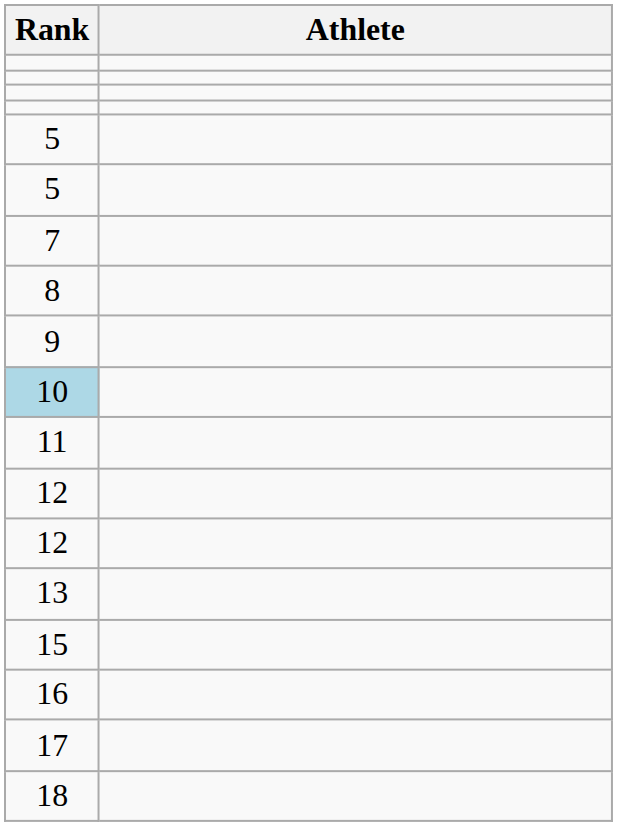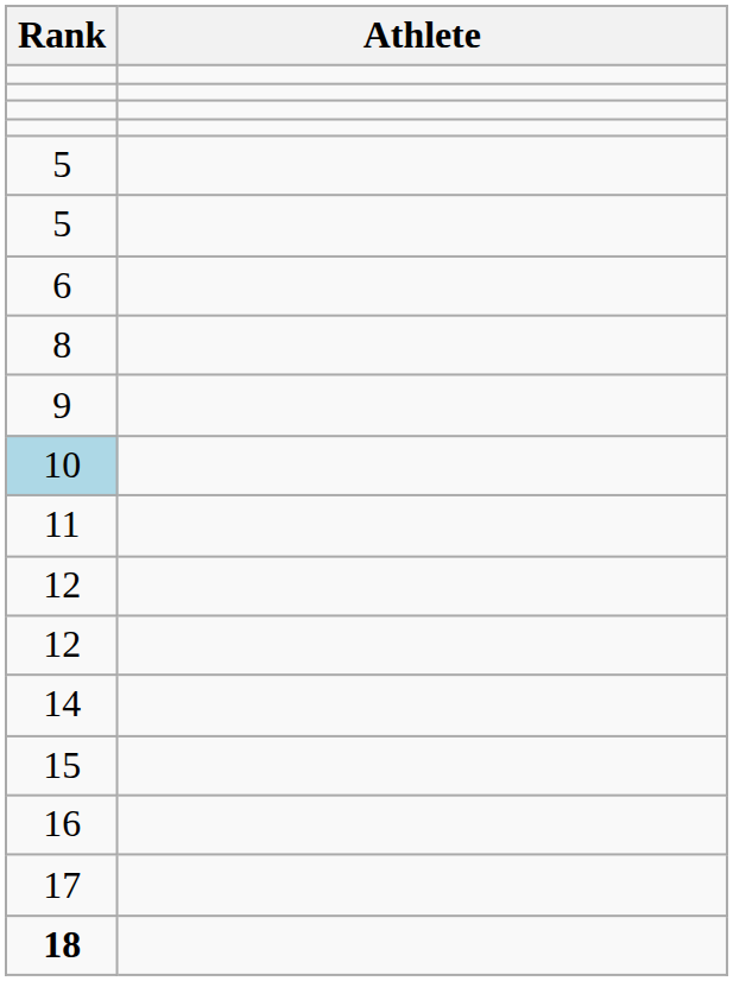 <table class="wikitable" style="text-align: center;">
 <tr>
 <th width=40>Rank</th>
 <th width=250>Athlete</th>
 </tr>
 <tr>
 <td></td>
 <td align="left"></td>
 </tr>
 <tr>
 <td></td>
 <td align="left"></td>
 </tr>
 <tr>
 <td></td>
 <td align="left"></td>
 </tr>
 <tr>
 <td></td>
 <td align="left"></td>
 </tr>
 <tr>
 <td>5</td>
 <td align="left"></td>
 </tr>
 <tr>
 <td>5</td>
 <td align="left"></td>
 </tr>
 <tr>
-<td>7</td>
+<td>6</td>
 <td align="left"></td>
 </tr>
 <tr>
 <td>8</td>
 <td align="left"></td>
 </tr>
 <tr>
 <td>9</td>
 <td align="left"></td>
 </tr>
 <tr>
 <td style="background: lightblue;">10</td>
 <td align="left"></td>
 </tr>
 <tr>
 <td>11</td>
 <td align="left"></td>
 </tr>
 <tr>
 <td>12</td>
 <td align="left"></td>
 </tr>
 <tr>
 <td>12</td>
 <td align="left"></td>
 </tr>
 <tr>
-<td>13</td>
+<td>14</td>
 <td align="left"></td>
 </tr>
 <tr>
 <td>15</td>
 <td align="left"></td>
 </tr>
 <tr>
 <td>16</td>
 <td align="left"></td>
 </tr>
 <tr>
 <td>17</td>
 <td align="left"></td>
 </tr>
 <tr>
-<td>18</td>
+<td><strong>18</strong></td>
 <td align="left"></td>
 </tr>
 </table>
